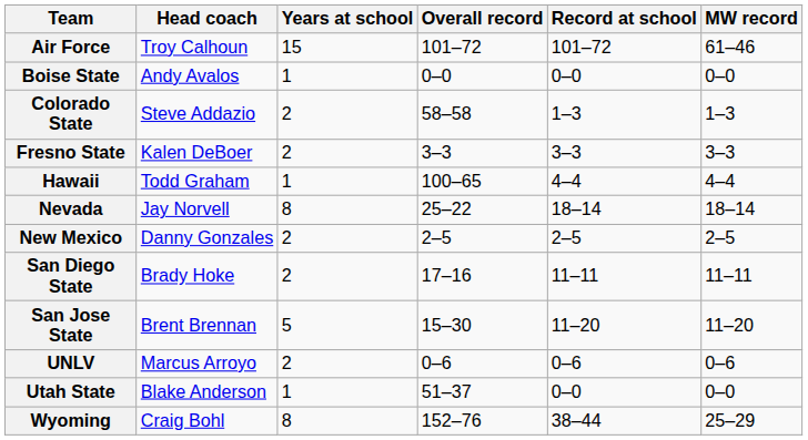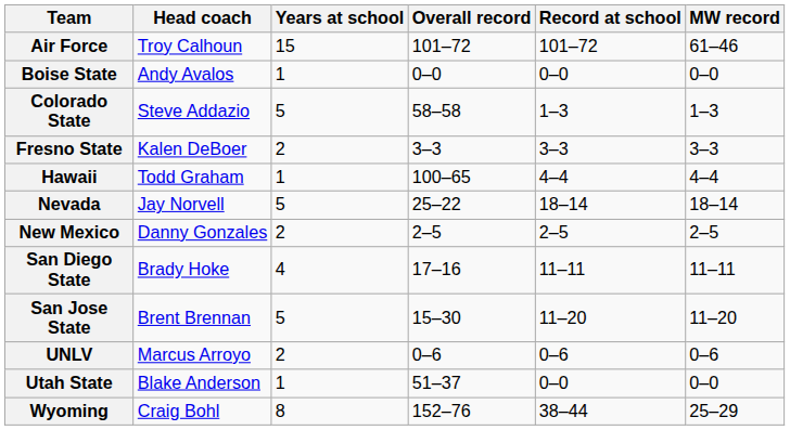 <table class="wikitable sortable" style "text-align:center">
 <tr>
 <th style="width:110px;">Team</th>
 <th>Head coach</th>
 <th>Years at school</th>
 <th>Overall record</th>
 <th>Record at school</th>
 <th>MW record</th>
 </tr>
 <tr>
 <th>Air Force</th>
 <td><a href='#'>Troy Calhoun</a></td>
 <td>15</td>
 <td>101–72</td>
 <td>101–72</td>
 <td>61–46</td>
 </tr>
 <tr>
 <th>Boise State</th>
 <td><a href='#'>Andy Avalos</a></td>
 <td>1</td>
 <td>0–0</td>
 <td>0–0</td>
 <td>0–0</td>
 </tr>
 <tr>
 <th>Colorado State</th>
 <td><a href='#'>Steve Addazio</a></td>
-<td>2</td>
+<td>5</td>
 <td>58–58</td>
 <td>1–3</td>
 <td>1–3</td>
 </tr>
 <tr>
 <th>Fresno State</th>
 <td><a href='#'>Kalen DeBoer</a></td>
 <td>2</td>
 <td>3–3</td>
 <td>3–3</td>
 <td>3–3</td>
 </tr>
 <tr>
 <th>Hawaii</th>
 <td><a href='#'>Todd Graham</a></td>
 <td>1</td>
 <td>100–65</td>
 <td>4–4</td>
 <td>4–4</td>
 </tr>
 <tr>
 <th>Nevada</th>
 <td><a href='#'>Jay Norvell</a></td>
-<td>8</td>
+<td>5</td>
 <td>25–22</td>
 <td>18–14</td>
 <td>18–14</td>
 </tr>
 <tr>
 <th>New Mexico</th>
 <td><a href='#'>Danny Gonzales</a></td>
 <td>2</td>
 <td>2–5</td>
 <td>2–5</td>
 <td>2–5</td>
 </tr>
 <tr>
 <th>San Diego State</th>
 <td><a href='#'>Brady Hoke</a></td>
-<td>2</td>
+<td>4</td>
 <td>17–16</td>
 <td>11–11</td>
 <td>11–11</td>
 </tr>
 <tr>
 <th>San Jose State</th>
 <td><a href='#'>Brent Brennan</a></td>
 <td>5</td>
 <td>15–30</td>
 <td>11–20</td>
 <td>11–20</td>
 </tr>
 <tr>
 <th>UNLV</th>
 <td><a href='#'>Marcus Arroyo</a></td>
 <td>2</td>
 <td>0–6</td>
 <td>0–6</td>
 <td>0–6</td>
 </tr>
 <tr>
 <th>Utah State</th>
 <td><a href='#'>Blake Anderson</a></td>
 <td>1</td>
 <td>51–37</td>
 <td>0–0</td>
 <td>0–0</td>
 </tr>
 <tr>
 <th>Wyoming</th>
 <td><a href='#'>Craig Bohl</a></td>
 <td>8</td>
 <td>152–76</td>
 <td>38–44</td>
 <td>25–29</td>
 </tr>
 </table>
